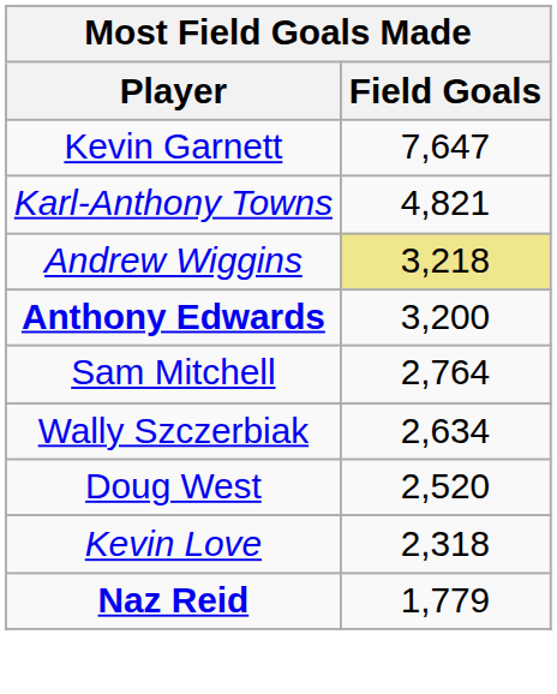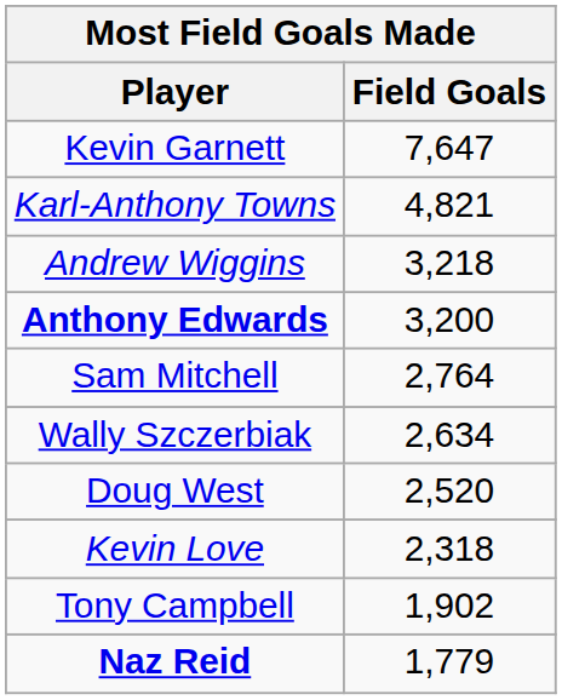 <table class="wikitable sortable" style="text-align:center">
 <tr>
 <th colspan="2" style="text-align:center; ">Most Field Goals Made</th>
 </tr>
 <tr>
 <th style="text-align:center; ">Player</th>
 <th style="text-align:center; ">Field Goals</th>
 </tr>
 <tr>
 <td><a href='#'>Kevin Garnett</a></td>
 <td>7,647</td>
 </tr>
 <tr>
 <td><em><a href='#'>Karl-Anthony Towns</a></em></td>
 <td>4,821</td>
 </tr>
 <tr>
 <td><em><a href='#'>Andrew Wiggins</a></em></td>
-<td style="background: khaki;">3,218</td>
+<td>3,218</td>
 </tr>
 <tr>
 <td><strong><a href='#'>Anthony Edwards</a></strong></td>
 <td>3,200</td>
 </tr>
 <tr>
 <td><a href='#'>Sam Mitchell</a></td>
 <td>2,764</td>
 </tr>
 <tr>
 <td><a href='#'>Wally Szczerbiak</a></td>
 <td>2,634</td>
 </tr>
 <tr>
 <td><a href='#'>Doug West</a></td>
 <td>2,520</td>
 </tr>
 <tr>
 <td><em><a href='#'>Kevin Love</a></em></td>
 <td>2,318</td>
 </tr>
 <tr>
+<td><a href='#'>Tony Campbell</a></td>
+<td>1,902</td>
+</tr>
+<tr>
 <td><strong><a href='#'>Naz Reid</a></strong></td>
 <td>1,779</td>
 </tr>
 </table>
